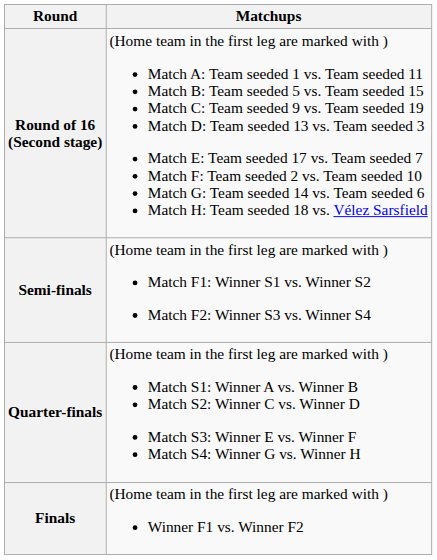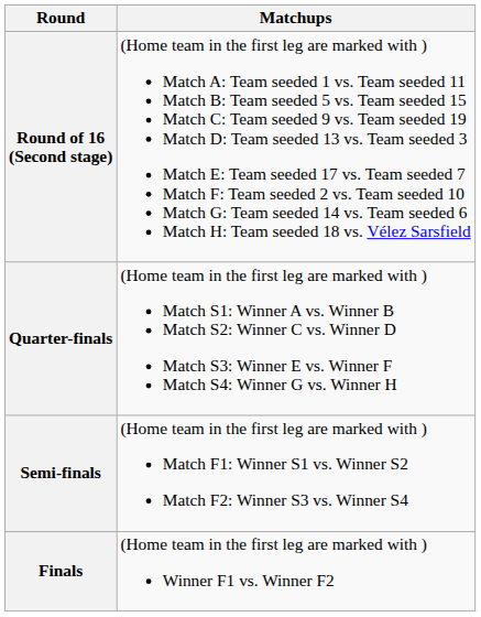 <table class=wikitable>
 <tr>
 <th>Round</th>
 <th>Matchups</th>
 </tr>
 <tr>
 <th>Round of 16<br>(Second stage)</th>
 <td>(Home team in the first leg are marked with )<br> <ul><li>Match A: Team seeded 1 vs. Team seeded 11 </li><li>Match B: Team seeded 5 vs. Team seeded 15 </li><li>Match C: Team seeded 9 vs. Team seeded 19 </li><li>Match D: Team seeded 13 vs. Team seeded 3 </li></ul><ul><li>Match E: Team seeded 17 vs. Team seeded 7 </li><li>Match F: Team seeded 2 vs. Team seeded 10 </li><li>Match G: Team seeded 14 vs. Team seeded 6 </li><li>Match H: Team seeded 18  vs. <a href='#'>Vélez Sarsfield</a> </li></ul></td>
 </tr>
 <tr>
+<th>Quarter-finals</th>
+<td>(Home team in the first leg are marked with )<br> <ul><li>Match S1: Winner A vs. Winner B </li><li>Match S2: Winner C vs. Winner D </li></ul><ul><li>Match S3: Winner E vs. Winner F </li><li>Match S4: Winner G  vs. Winner H</li></ul></td>
+</tr>
+<tr>
 <th>Semi-finals</th>
 <td>(Home team in the first leg are marked with )<br> <ul><li>Match F1: Winner S1 vs. Winner S2 </li></ul><ul><li>Match F2: Winner S3 vs. Winner S4 </li></ul></td>
-</tr>
-<tr>
-<th>Quarter-finals</th>
-<td>(Home team in the first leg are marked with )<br> <ul><li>Match S1: Winner A vs. Winner B </li><li>Match S2: Winner C vs. Winner D </li></ul><ul><li>Match S3: Winner E vs. Winner F </li><li>Match S4: Winner G  vs. Winner H</li></ul></td>
 </tr>
 <tr>
 <th>Finals</th>
 <td>(Home team in the first leg are marked with )<br><ul><li>Winner F1 vs. Winner F2 </li></ul></td>
 </tr>
 </table>
